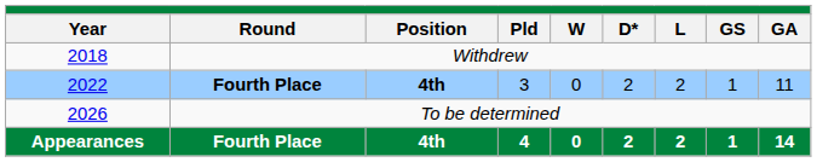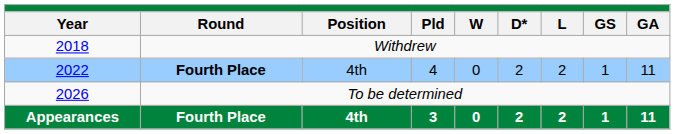 <table class="wikitable" style="text-align: center;font-size:90%;">
 <tr>
 <th colspan="9" style="background: #00843D; color: #FFFFFF;"><a href='#'></a></th>
 </tr>
 <tr>
 <th width=125>Year</th>
 <th width=150>Round</th>
 <th width=100>Position</th>
 <th width=35>Pld</th>
 <th width=35>W</th>
 <th width=35>D*</th>
 <th width=35>L</th>
 <th width=35>GS</th>
 <th width=35>GA</th>
 </tr>
 <tr>
 <td> <a href='#'>2018</a></td>
 <td colspan="8"><em>Withdrew</em></td>
 </tr>
 <tr style="background:#9acdff;">
 <td> <a href='#'>2022</a></td>
 <td><strong>Fourth Place</strong></td>
-<td><strong>4th</strong></td>
-<td>3</td>
+<td>4th</td>
+<td>4</td>
 <td>0</td>
 <td>2</td>
 <td>2</td>
 <td>1</td>
 <td>11</td>
 </tr>
 <tr>
 <td> <a href='#'>2026</a></td>
 <td colspan="8"><em>To be determined</em></td>
 </tr>
 <tr>
 <td colspan=1 style="background: #00843D; color: #FFFFFF;"><strong>Appearances</strong></td>
 <td style="background: #00843D; color: #FFFFFF;"><strong>Fourth Place</strong></td>
 <td style="background: #00843D; color: #FFFFFF;"><strong>4th</strong></td>
-<td style="background: #00843D; color: #FFFFFF;"><strong>4</strong></td>
+<td style="background: #00843D; color: #FFFFFF;"><strong>3</strong></td>
 <td style="background: #00843D; color: #FFFFFF;"><strong>0</strong></td>
 <td style="background: #00843D; color: #FFFFFF;"><strong>2</strong></td>
 <td style="background: #00843D; color: #FFFFFF;"><strong>2</strong></td>
 <td style="background: #00843D; color: #FFFFFF;"><strong>1</strong></td>
-<td style="background: #00843D; color: #FFFFFF;"><strong>14</strong></td>
+<td style="background: #00843D; color: #FFFFFF;"><strong>11</strong></td>
 </tr>
 </table>
